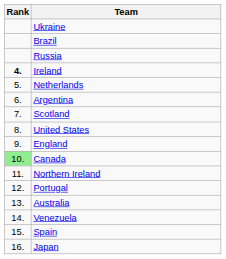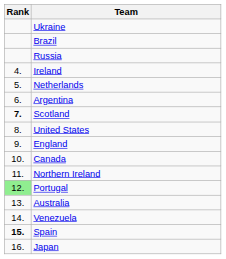 <table class="wikitable" style="font-size:95%">
 <tr>
 <th>Rank</th>
 <th align="left" style="width: 20em">Team</th>
 </tr>
 <tr>
 <td align="center"></td>
 <td> <a href='#'>Ukraine</a></td>
 </tr>
 <tr>
 <td align="center"></td>
 <td> <a href='#'>Brazil</a></td>
 </tr>
 <tr>
 <td align="center"></td>
 <td> <a href='#'>Russia</a></td>
 </tr>
 <tr>
-<td rowspan=1 align="center"><strong>4.</strong></td>
+<td rowspan=1 align="center">4.</td>
 <td> <a href='#'>Ireland</a></td>
 </tr>
 <tr>
 <td rowspan=1 align="center">5.</td>
 <td> <a href='#'>Netherlands</a></td>
 </tr>
 <tr>
 <td rowspan=1 align="center">6.</td>
 <td> <a href='#'>Argentina</a></td>
 </tr>
 <tr>
-<td rowspan=1 align="center">7.</td>
+<td rowspan=1 align="center"><strong>7.</strong></td>
 <td> <a href='#'>Scotland</a></td>
 </tr>
 <tr>
 <td rowspan=1 align="center">8.</td>
 <td> <a href='#'>United States</a></td>
 </tr>
 <tr>
 <td rowspan=1 align="center">9.</td>
 <td> <a href='#'>England</a></td>
 </tr>
 <tr>
-<td rowspan=1 align="center" style="background: lightgreen;">10.</td>
+<td rowspan=1 align="center">10.</td>
 <td> <a href='#'>Canada</a></td>
 </tr>
 <tr>
 <td rowspan=1 align="center">11.</td>
 <td> <a href='#'>Northern Ireland</a></td>
 </tr>
 <tr>
-<td rowspan=1 align="center">12.</td>
+<td rowspan=1 align="center" style="background: lightgreen;">12.</td>
 <td> <a href='#'>Portugal</a></td>
 </tr>
 <tr>
 <td rowspan=1 align="center">13.</td>
 <td> <a href='#'>Australia</a></td>
 </tr>
 <tr>
 <td rowspan=1 align="center">14.</td>
 <td> <a href='#'>Venezuela</a></td>
 </tr>
 <tr>
-<td rowspan=1 align="center">15.</td>
+<td rowspan=1 align="center"><strong>15.</strong></td>
 <td> <a href='#'>Spain</a></td>
 </tr>
 <tr>
 <td rowspan=1 align="center">16.</td>
 <td> <a href='#'>Japan</a></td>
 </tr>
 </table>
